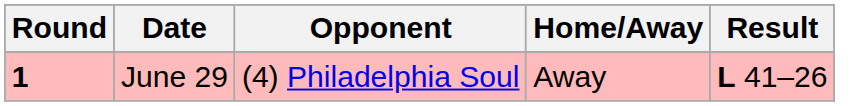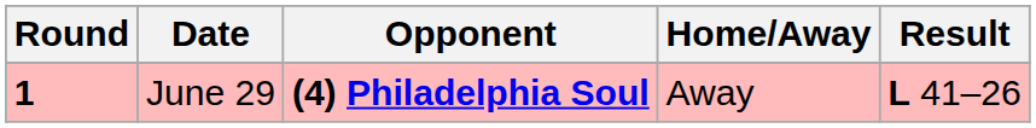 <table class="wikitable">
 <tr>
 <th>Round</th>
 <th>Date</th>
 <th>Opponent</th>
 <th>Home/Away</th>
 <th>Result</th>
 </tr>
 <tr>
 </tr>
 <tr bgcolor="ffbbbb">
 <td><strong>1</strong></td>
 <td>June 29</td>
-<td>(4) <a href='#'>Philadelphia Soul</a></td>
+<td><strong>(4) <a href='#'>Philadelphia Soul</a></strong></td>
 <td>Away</td>
 <td><strong>L</strong> 41–26</td>
 </tr>
 </table>
